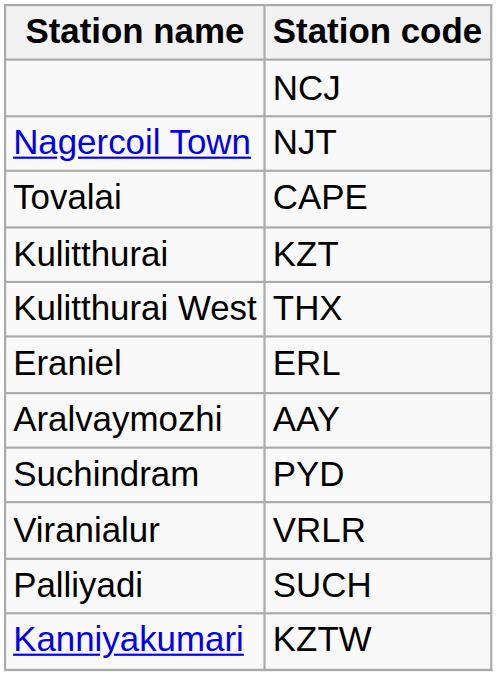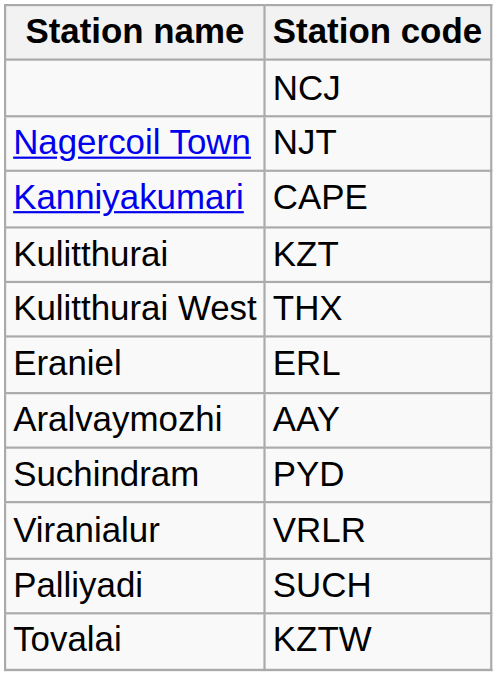 <table class="wikitable">
 <tr>
 <th>Station name</th>
 <th>Station code</th>
 </tr>
 <tr>
 <td></td>
 <td>NCJ</td>
 </tr>
 <tr>
 <td><a href='#'>Nagercoil Town</a></td>
 <td>NJT</td>
 </tr>
 <tr>
-<td>Tovalai</td>
+<td><a href='#'>Kanniyakumari</a></td>
 <td>CAPE</td>
 </tr>
 <tr>
 <td>Kulitthurai</td>
 <td>KZT</td>
 </tr>
 <tr>
 <td>Kulitthurai West</td>
 <td>THX</td>
 </tr>
 <tr>
 <td>Eraniel</td>
 <td>ERL</td>
 </tr>
 <tr>
 <td>Aralvaymozhi</td>
 <td>AAY</td>
 </tr>
 <tr>
 <td>Suchindram</td>
 <td>PYD</td>
 </tr>
 <tr>
 <td>Viranialur</td>
 <td>VRLR</td>
 </tr>
 <tr>
 <td>Palliyadi</td>
 <td>SUCH</td>
 </tr>
 <tr>
-<td><a href='#'>Kanniyakumari</a></td>
+<td>Tovalai</td>
 <td>KZTW</td>
 </tr>
 <tr>
 </tr>
 </table>
